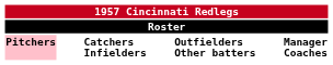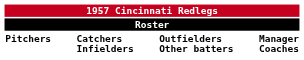 <table class="toccolours" style="font-size: 95%;">
 <tr>
 <th colspan="10" style="background-color: #c6011f; color: white; text-align: center;">1957 Cincinnati Redlegs</th>
 </tr>
 <tr>
 <td colspan="10" style="background-color: black; color: white; text-align: center;"><strong>Roster</strong></td>
 </tr>
 <tr>
-<td valign="top" style="background: pink;"><strong>Pitchers</strong><br>                </td>
+<td valign="top"><strong>Pitchers</strong><br>                </td>
 <td width="25px"></td>
 <td valign="top"><strong>Catchers</strong><br>   <strong>Infielders</strong>          </td>
 <td width="25px"></td>
 <td valign="top"><strong>Outfielders</strong><br>        <strong>Other batters</strong> </td>
 <td width="25px"></td>
 <td valign="top"><strong>Manager</strong><br> <strong>Coaches</strong>   </td>
 </tr>
 </table>
